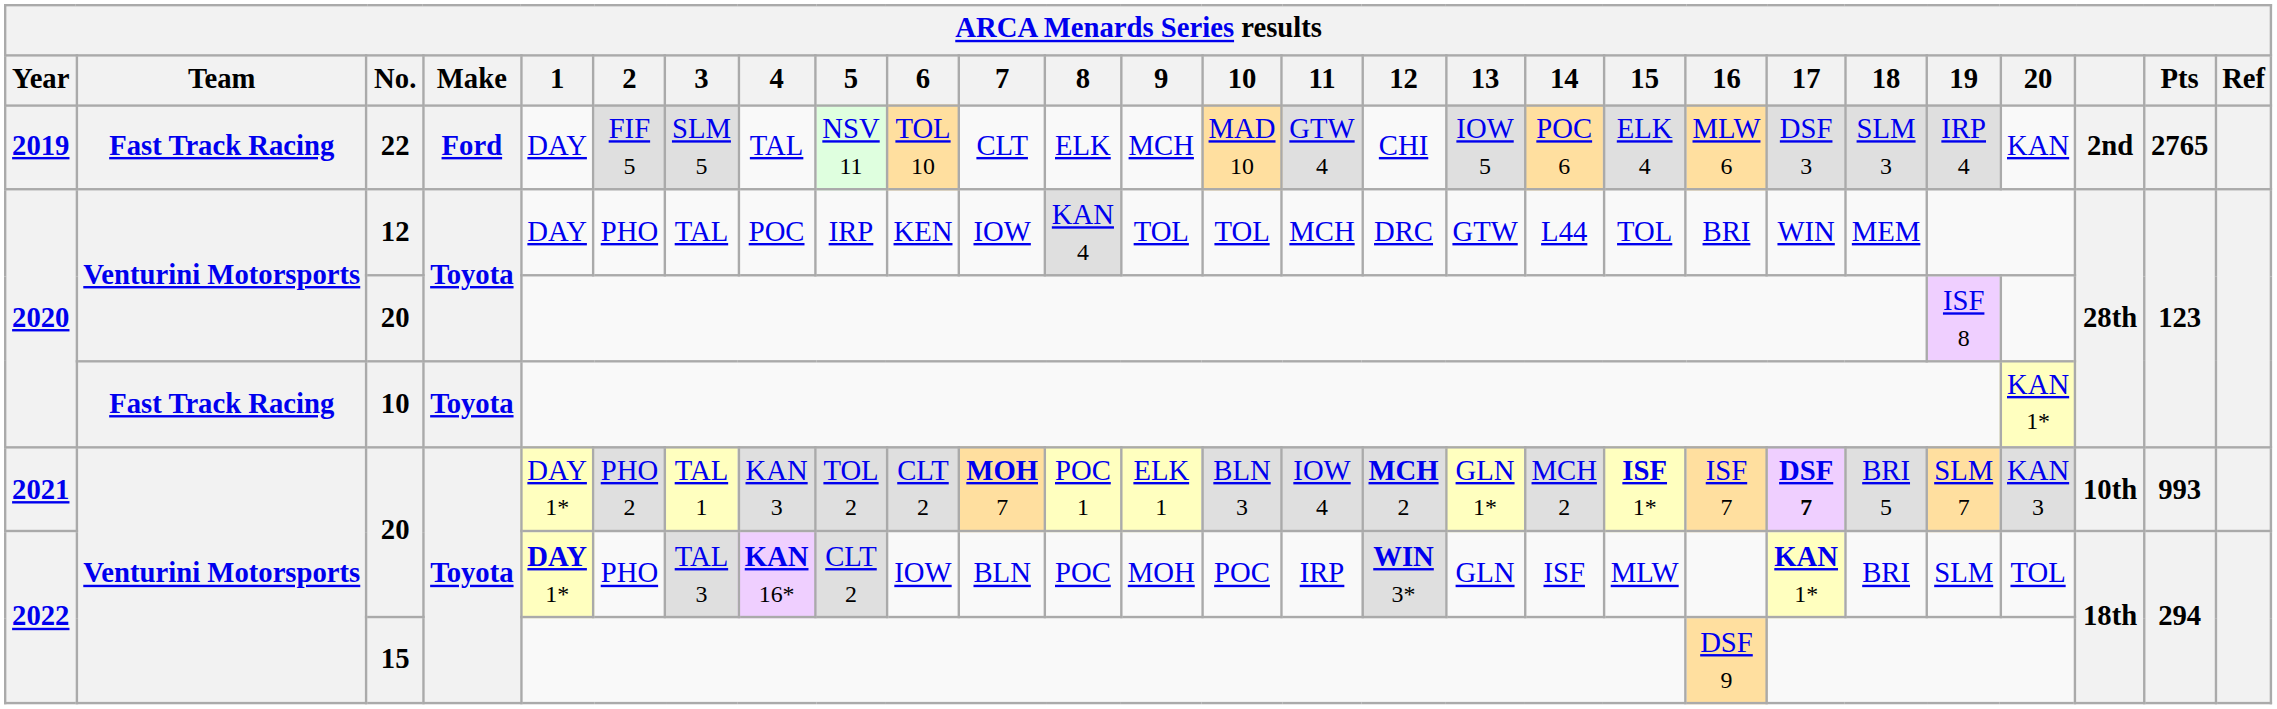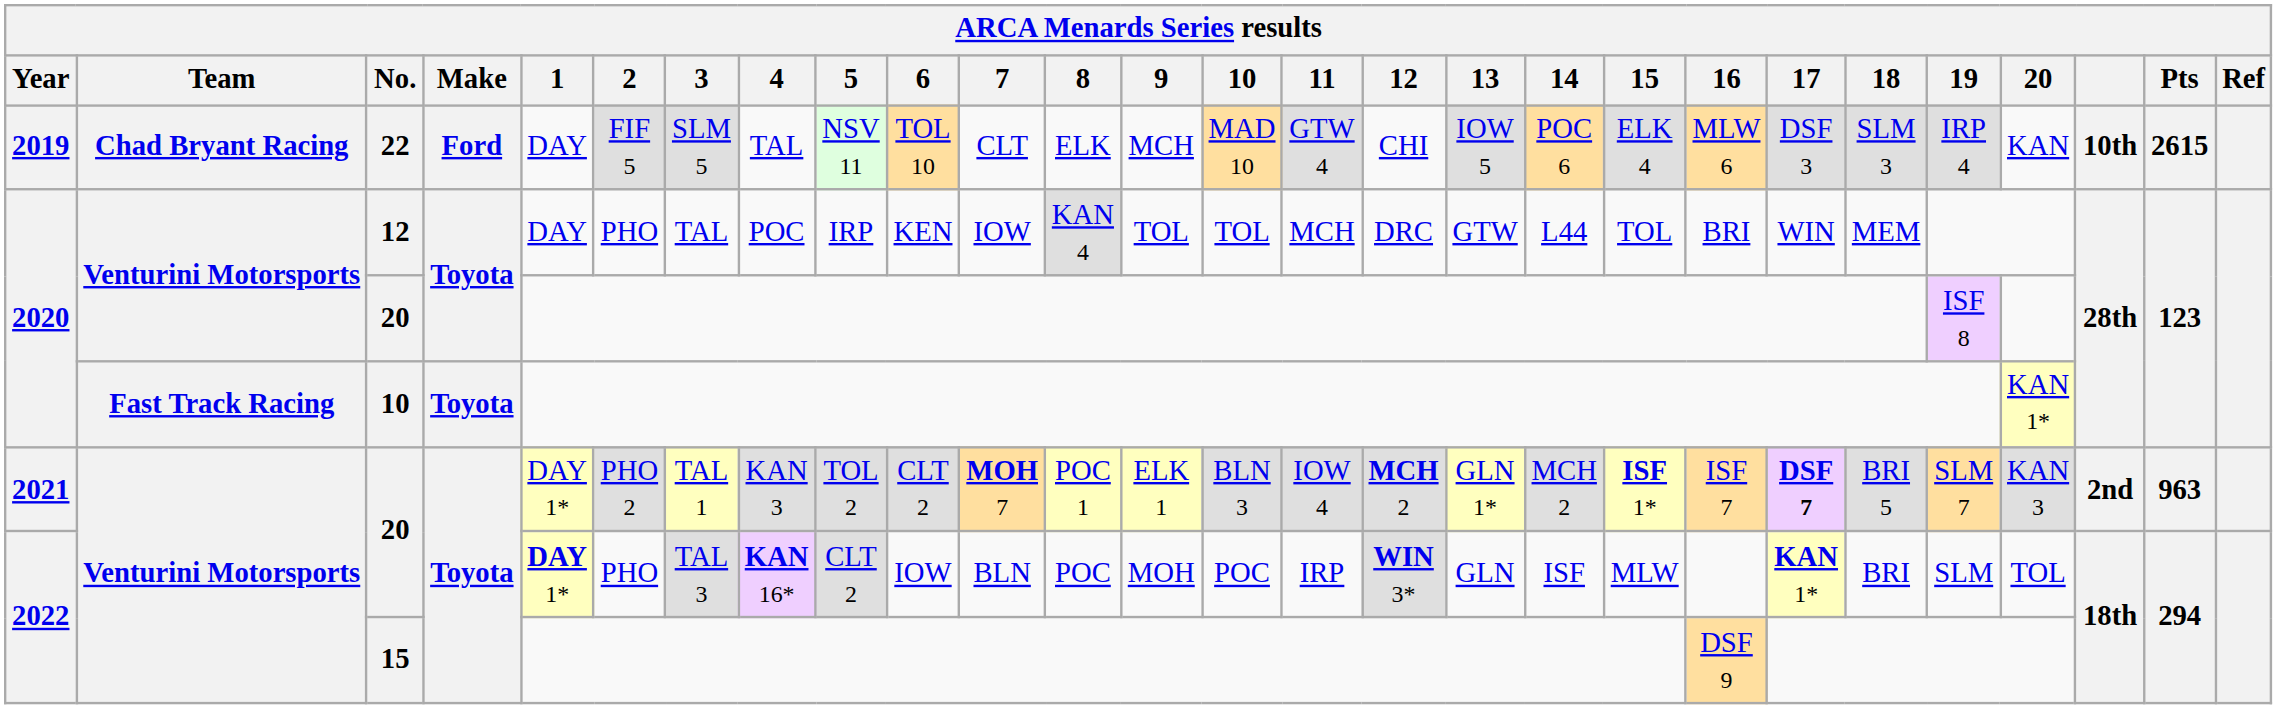 <table class="wikitable" style="text-align:center; font-size:75%">
 <tr>
 <th colspan=27><a href='#'>ARCA Menards Series</a> results</th>
 </tr>
 <tr>
 <th>Year</th>
 <th>Team</th>
 <th>No.</th>
 <th>Make</th>
 <th>1</th>
 <th>2</th>
 <th>3</th>
 <th>4</th>
 <th>5</th>
 <th>6</th>
 <th>7</th>
 <th>8</th>
 <th>9</th>
 <th>10</th>
 <th>11</th>
 <th>12</th>
 <th>13</th>
 <th>14</th>
 <th>15</th>
 <th>16</th>
 <th>17</th>
 <th>18</th>
 <th>19</th>
 <th>20</th>
 <th></th>
 <th>Pts</th>
 <th>Ref</th>
 </tr>
 <tr>
 <th><a href='#'>2019</a></th>
-<th><a href='#'>Fast Track Racing</a></th>
+<th><a href='#'>Chad Bryant Racing</a></th>
 <th>22</th>
 <th><a href='#'>Ford</a></th>
 <td><a href='#'>DAY</a></td>
 <td style="background:#DFDFDF;"><a href='#'>FIF</a><br><small>5</small></td>
 <td style="background:#DFDFDF;"><a href='#'>SLM</a><br><small>5</small></td>
 <td><a href='#'>TAL</a></td>
 <td style="background:#DFFFDF;"><a href='#'>NSV</a><br><small>11</small></td>
 <td style="background:#FFDF9F;"><a href='#'>TOL</a><br><small>10</small></td>
 <td><a href='#'>CLT</a></td>
 <td><a href='#'>ELK</a></td>
 <td><a href='#'>MCH</a></td>
 <td style="background:#FFDF9F;"><a href='#'>MAD</a><br><small>10</small></td>
 <td style="background:#DFDFDF;"><a href='#'>GTW</a><br><small>4</small></td>
 <td><a href='#'>CHI</a></td>
 <td style="background:#DFDFDF;"><a href='#'>IOW</a><br><small>5</small></td>
 <td style="background:#FFDF9F;"><a href='#'>POC</a><br><small>6</small></td>
 <td style="background:#DFDFDF;"><a href='#'>ELK</a><br><small>4</small></td>
 <td style="background:#FFDF9F;"><a href='#'>MLW</a><br><small>6</small></td>
 <td style="background:#DFDFDF;"><a href='#'>DSF</a><br><small>3</small></td>
 <td style="background:#DFDFDF;"><a href='#'>SLM</a><br><small>3</small></td>
 <td style="background:#DFDFDF;"><a href='#'>IRP</a><br><small>4</small></td>
 <td><a href='#'>KAN</a></td>
-<th>2nd</th>
-<th>2765</th>
+<th>10th</th>
+<th>2615</th>
 <th></th>
 </tr>
 <tr>
 <th rowspan=3><a href='#'>2020</a></th>
 <th rowspan=2><a href='#'>Venturini Motorsports</a></th>
 <th>12</th>
 <th rowspan=2><a href='#'>Toyota</a></th>
 <td><a href='#'>DAY</a></td>
 <td><a href='#'>PHO</a></td>
 <td><a href='#'>TAL</a></td>
 <td><a href='#'>POC</a></td>
 <td><a href='#'>IRP</a></td>
 <td><a href='#'>KEN</a></td>
 <td><a href='#'>IOW</a></td>
 <td style="background:#DFDFDF;"><a href='#'>KAN</a><br><small>4</small></td>
 <td><a href='#'>TOL</a></td>
 <td><a href='#'>TOL</a></td>
 <td><a href='#'>MCH</a></td>
 <td><a href='#'>DRC</a></td>
 <td><a href='#'>GTW</a></td>
 <td><a href='#'>L44</a></td>
 <td><a href='#'>TOL</a></td>
 <td><a href='#'>BRI</a></td>
 <td><a href='#'>WIN</a></td>
 <td><a href='#'>MEM</a></td>
 <td colspan=2></td>
 <th rowspan=3>28th</th>
 <th rowspan=3>123</th>
 <th rowspan=3></th>
 </tr>
 <tr>
 <th>20</th>
 <td colspan=18></td>
 <td style="background:#EFCFFF;"><a href='#'>ISF</a><br><small>8</small></td>
 <td></td>
 </tr>
 <tr>
 <th><a href='#'>Fast Track Racing</a></th>
 <th>10</th>
 <th><a href='#'>Toyota</a></th>
 <td colspan=19></td>
 <td style="background:#FFFFBF;"><a href='#'>KAN</a><br><small>1*</small></td>
 </tr>
 <tr>
 <th><a href='#'>2021</a></th>
 <th rowspan=3><a href='#'>Venturini Motorsports</a></th>
 <th rowspan=2>20</th>
 <th rowspan=3><a href='#'>Toyota</a></th>
 <td style="background:#FFFFBF;"><a href='#'>DAY</a><br><small>1*</small></td>
 <td style="background:#DFDFDF;"><a href='#'>PHO</a><br><small>2</small></td>
 <td style="background:#FFFFBF;"><a href='#'>TAL</a><br><small>1</small></td>
 <td style="background:#DFDFDF;"><a href='#'>KAN</a><br><small>3</small></td>
 <td style="background:#DFDFDF;"><a href='#'>TOL</a><br><small>2</small></td>
 <td style="background:#DFDFDF;"><a href='#'>CLT</a><br><small>2</small></td>
 <td style="background:#FFDF9F;"><strong><a href='#'>MOH</a></strong><br><small>7</small></td>
 <td style="background:#FFFFBF;"><a href='#'>POC</a><br><small>1</small></td>
 <td style="background:#FFFFBF;"><a href='#'>ELK</a><br><small>1</small></td>
 <td style="background:#DFDFDF;"><a href='#'>BLN</a><br><small>3</small></td>
 <td style="background:#DFDFDF;"><a href='#'>IOW</a><br><small>4</small></td>
 <td style="background:#DFDFDF;"><strong><a href='#'>MCH</a></strong><br><small>2</small></td>
 <td style="background:#FFFFBF;"><a href='#'>GLN</a><br><small>1*</small></td>
 <td style="background:#DFDFDF;"><a href='#'>MCH</a><br><small>2</small></td>
 <td style="background:#FFFFBF;"><strong><a href='#'>ISF</a></strong><br><small>1*</small></td>
 <td style="background:#FFDF9F;"><a href='#'>ISF</a><br><small>7</small></td>
 <td style="background:#EFCFFF;"><strong><a href='#'>DSF</a><br><small>7</small></strong></td>
 <td style="background:#DFDFDF;"><a href='#'>BRI</a><br><small>5</small></td>
 <td style="background:#FFDF9F;"><a href='#'>SLM</a><br><small>7</small></td>
 <td style="background:#DFDFDF;'"><a href='#'>KAN</a><br><small>3</small></td>
-<th>10th</th>
-<th>993</th>
+<th>2nd</th>
+<th>963</th>
 <th></th>
 </tr>
 <tr>
 <th rowspan=2><a href='#'>2022</a></th>
 <td style="background:#FFFFBF;"><strong><a href='#'>DAY</a></strong><br><small>1*</small></td>
 <td><a href='#'>PHO</a></td>
 <td style="background:#DFDFDF;"><a href='#'>TAL</a><br><small>3</small></td>
 <td style="background:#EFCFFF;"><strong><a href='#'>KAN</a></strong><br><small>16*</small></td>
 <td style="background:#DFDFDF;"><a href='#'>CLT</a><br><small>2</small></td>
 <td><a href='#'>IOW</a></td>
 <td><a href='#'>BLN</a></td>
 <td><a href='#'>POC</a></td>
 <td><a href='#'>MOH</a></td>
 <td><a href='#'>POC</a></td>
 <td><a href='#'>IRP</a></td>
 <td style="background:#DFDFDF;"><strong><a href='#'>WIN</a></strong><br><small>3*</small></td>
 <td><a href='#'>GLN</a></td>
 <td><a href='#'>ISF</a></td>
 <td><a href='#'>MLW</a></td>
 <td></td>
 <td style="background:#FFFFBF;"><strong><a href='#'>KAN</a></strong><br><small>1*</small></td>
 <td><a href='#'>BRI</a></td>
 <td><a href='#'>SLM</a></td>
 <td><a href='#'>TOL</a></td>
 <th rowspan=2>18th</th>
 <th rowspan=2>294</th>
 <th rowspan=2></th>
 </tr>
 <tr>
 <th>15</th>
 <td colspan=15></td>
 <td style="background:#FFDF9F;"><a href='#'>DSF</a><br><small>9</small></td>
 <td colspan=4></td>
 </tr>
 </table>
